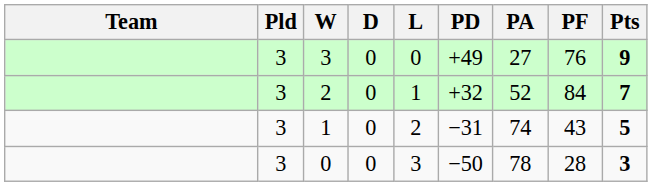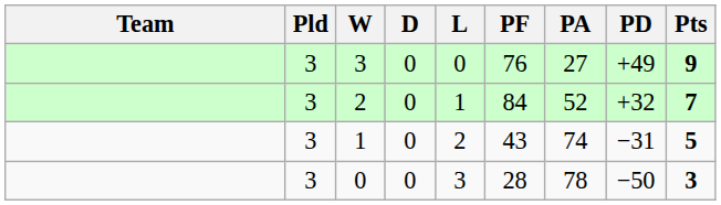 <table class="wikitable" style="text-align:center;">
 <tr>
 <th width=175>Team</th>
 <th width=25 abbr="Played">Pld</th>
 <th width=25 abbr="Won">W</th>
 <th width=25 abbr="Drawn">D</th>
 <th width=25 abbr="Lost">L</th>
+<th width=32 abbr="Points for">PF</th>
+<th width=32 abbr="Points against">PA</th>
 <th width=32 abbr="Points difference">PD</th>
-<th width=32 abbr="Points against">PA</th>
-<th width=32 abbr="Points for">PF</th>
 <th width=25 abbr="Points">Pts</th>
 </tr>
 <tr bgcolor=ccffcc>
 <td align=left></td>
 <td>3</td>
 <td>3</td>
 <td>0</td>
 <td>0</td>
+<td>76</td>
+<td>27</td>
 <td>+49</td>
-<td>27</td>
-<td>76</td>
 <td><strong>9</strong></td>
 </tr>
 <tr bgcolor=ccffcc>
 <td align=left></td>
 <td>3</td>
 <td>2</td>
 <td>0</td>
 <td>1</td>
+<td>84</td>
+<td>52</td>
 <td>+32</td>
-<td>52</td>
-<td>84</td>
 <td><strong>7</strong></td>
 </tr>
 <tr>
 <td align=left></td>
 <td>3</td>
 <td>1</td>
 <td>0</td>
 <td>2</td>
+<td>43</td>
+<td>74</td>
 <td>−31</td>
-<td>74</td>
-<td>43</td>
 <td><strong>5</strong></td>
 </tr>
 <tr>
 <td align=left></td>
 <td>3</td>
 <td>0</td>
 <td>0</td>
 <td>3</td>
+<td>28</td>
+<td>78</td>
 <td>−50</td>
-<td>78</td>
-<td>28</td>
 <td><strong>3</strong></td>
 </tr>
 </table>
